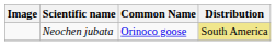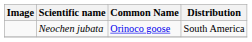 <table class="wikitable">
 <tr>
 <th>Image</th>
 <th>Scientific name</th>
 <th>Common Name</th>
 <th>Distribution</th>
 </tr>
 <tr>
 <td></td>
 <td><em>Neochen jubata</em></td>
 <td><a href='#'>Orinoco goose</a></td>
-<td style="background: khaki;">South America</td>
+<td>South America</td>
 </tr>
 <tr>
 </tr>
 </table>
